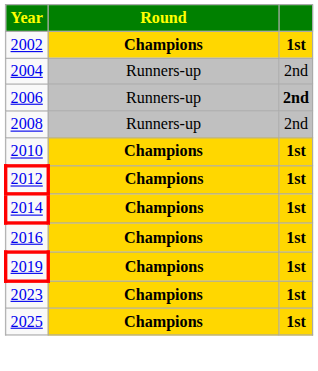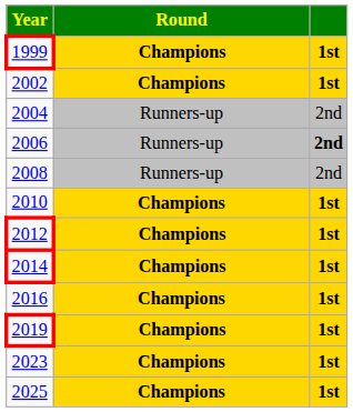 <table class="wikitable" style="text-align: center; font-size:90%">
 <tr style="color:yellow;">
 <th style="background:green;">Year</th>
 <th style="background:green; width:200px">Round</th>
 <th style="background:green;"></th>
+</tr>
+<tr>
+<td style="border: 3px solid red"><a href='#'>1999</a></td>
+<td bgcolor=Gold><strong>Champions</strong></td>
+<td bgcolor=Gold><strong>1st</strong></td>
 </tr>
 <tr>
 <td><a href='#'>2002</a></td>
 <td bgcolor=Gold><strong>Champions</strong></td>
 <td bgcolor=Gold><strong>1st</strong></td>
 </tr>
 <tr>
 <td><a href='#'>2004</a></td>
 <td bgcolor=Silver>Runners-up</td>
 <td bgcolor=Silver>2nd</td>
 </tr>
 <tr>
 <td><a href='#'>2006</a></td>
 <td bgcolor=Silver>Runners-up</td>
 <td bgcolor=Silver><strong>2nd</strong></td>
 </tr>
 <tr>
 <td><a href='#'>2008</a></td>
 <td bgcolor=Silver>Runners-up</td>
 <td bgcolor=Silver>2nd</td>
 </tr>
 <tr>
 <td><a href='#'>2010</a></td>
 <td bgcolor=Gold><strong>Champions</strong></td>
 <td bgcolor=Gold><strong>1st</strong></td>
 </tr>
 <tr>
 <td style="border: 3px solid red"><a href='#'>2012</a></td>
 <td bgcolor=Gold><strong>Champions</strong></td>
 <td bgcolor=Gold><strong>1st</strong></td>
 </tr>
 <tr>
 <td style="border: 3px solid red"><a href='#'>2014</a></td>
 <td bgcolor=Gold><strong>Champions</strong></td>
 <td bgcolor=Gold><strong>1st</strong></td>
 </tr>
 <tr>
 <td><a href='#'>2016</a></td>
 <td bgcolor=Gold><strong>Champions</strong></td>
 <td bgcolor=Gold><strong>1st</strong></td>
 </tr>
 <tr>
 <td style="border: 3px solid red"><a href='#'>2019</a></td>
 <td bgcolor=Gold><strong>Champions</strong></td>
 <td bgcolor=Gold><strong>1st</strong></td>
 </tr>
 <tr>
 <td><a href='#'>2023</a></td>
 <td bgcolor=Gold><strong>Champions</strong></td>
 <td bgcolor=Gold><strong>1st</strong></td>
 </tr>
 <tr>
 <td><a href='#'>2025</a></td>
 <td bgcolor=Gold><strong>Champions</strong></td>
 <td bgcolor=Gold><strong>1st</strong></td>
 </tr>
 </table>
